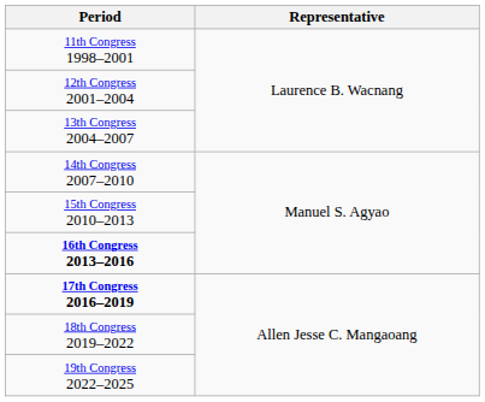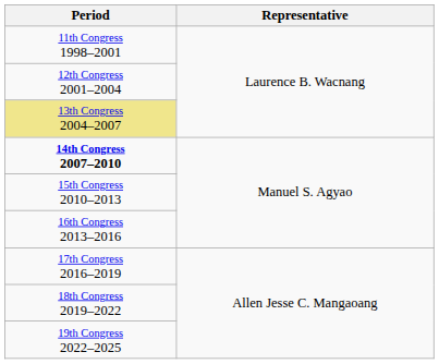 <table class="wikitable" style="text-align:center; width:40%;">
 <tr>
 <th width="40%">Period</th>
 <th>Representative</th>
 </tr>
 <tr>
 <td><small><a href='#'>11th Congress</a></small><br>1998–2001</td>
 <td rowspan="3">Laurence B. Wacnang</td>
 </tr>
 <tr>
 <td><small><a href='#'>12th Congress</a></small><br>2001–2004</td>
 </tr>
 <tr>
-<td><small><a href='#'>13th Congress</a></small><br>2004–2007</td>
+<td style="background: khaki;"><small><a href='#'>13th Congress</a></small><br>2004–2007</td>
 </tr>
 <tr>
-<td><small><a href='#'>14th Congress</a></small><br>2007–2010</td>
+<td><strong><small><a href='#'>14th Congress</a></small><br>2007–2010</strong></td>
 <td rowspan="3">Manuel S. Agyao</td>
 </tr>
 <tr>
 <td><small><a href='#'>15th Congress</a></small><br>2010–2013</td>
 </tr>
 <tr>
-<td><strong><small><a href='#'>16th Congress</a></small><br>2013–2016</strong></td>
+<td><small><a href='#'>16th Congress</a></small><br>2013–2016</td>
 </tr>
 <tr>
-<td><strong><small><a href='#'>17th Congress</a></small><br>2016–2019</strong></td>
+<td><small><a href='#'>17th Congress</a></small><br>2016–2019</td>
 <td rowspan="3">Allen Jesse C. Mangaoang</td>
 </tr>
 <tr>
 <td><small><a href='#'>18th Congress</a></small><br>2019–2022</td>
 </tr>
 <tr>
 <td><small><a href='#'>19th Congress</a></small><br>2022–2025</td>
 </tr>
 </table>
